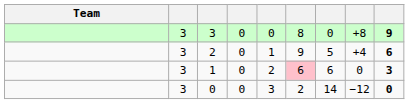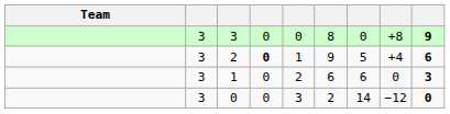 <table class="wikitable" style="text-align: center; font-size: 90%;">
 <tr>
 <th width=165>Team</th>
 <th width=25></th>
 <th width=25></th>
 <th width=25></th>
 <th width=25></th>
 <th width=25></th>
 <th width=25></th>
 <th width=25></th>
 <th width=25></th>
 </tr>
 <tr bgcolor=ccffcc>
 <td align="left"></td>
 <td>3</td>
 <td>3</td>
 <td>0</td>
 <td>0</td>
 <td>8</td>
 <td>0</td>
 <td>+8</td>
 <td><strong>9</strong></td>
 </tr>
 <tr>
 <td align="left"><em></em></td>
 <td>3</td>
 <td>2</td>
-<td>0</td>
+<td><strong>0</strong></td>
 <td>1</td>
 <td>9</td>
 <td>5</td>
 <td>+4</td>
 <td><strong>6</strong></td>
 </tr>
 <tr>
 <td align="left"></td>
 <td>3</td>
 <td>1</td>
 <td>0</td>
 <td>2</td>
-<td style="background: pink;">6</td>
+<td>6</td>
 <td>6</td>
 <td>0</td>
 <td><strong>3</strong></td>
 </tr>
 <tr>
 <td align="left"></td>
 <td>3</td>
 <td>0</td>
 <td>0</td>
 <td>3</td>
 <td>2</td>
 <td>14</td>
 <td>−12</td>
 <td><strong>0</strong></td>
 </tr>
 </table>
